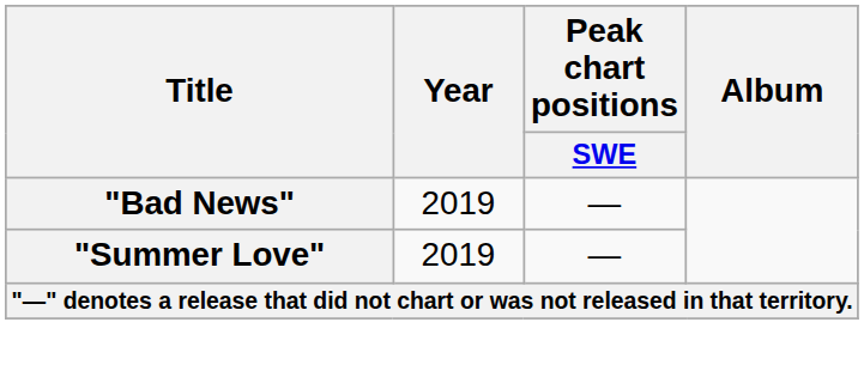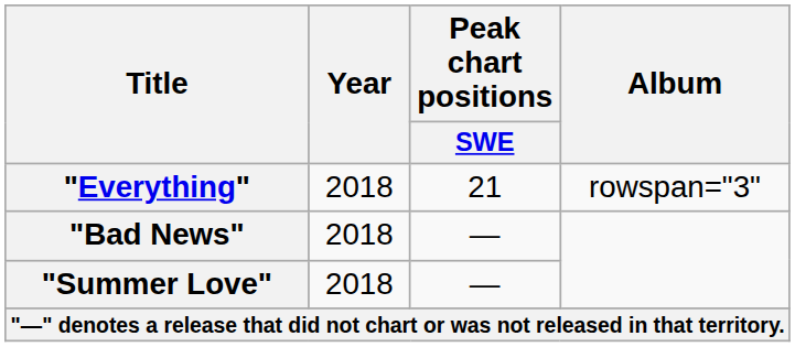 <table class="wikitable plainrowheaders" style="text-align:center;">
 <tr>
 <th scope="col" rowspan="2">Title</th>
 <th scope="col" rowspan="2">Year</th>
 <th scope="col" colspan="1">Peak chart positions</th>
 <th scope="col" rowspan="2">Album</th>
 </tr>
 <tr>
 <th scope="col" style="width:3em;font-size:85%;"><a href='#'>SWE</a><br></th>
 </tr>
 <tr>
+<th scope="row">"<a href='#'>Everything</a>"</th>
+<td>2018</td>
+<td>21</td>
+<td>rowspan="3" </td>
+</tr>
+<tr>
 <th scope="row">"Bad News"</th>
-<td>2019</td>
+<td>2018</td>
 <td>—</td>
 </tr>
 <tr>
 <th scope="row">"Summer Love"</th>
-<td>2019</td>
+<td>2018</td>
 <td>—</td>
 </tr>
 <tr>
 <th colspan="4" style="font-size:70%">"—" denotes a release that did not chart or was not released in that territory.</th>
 </tr>
 </table>
